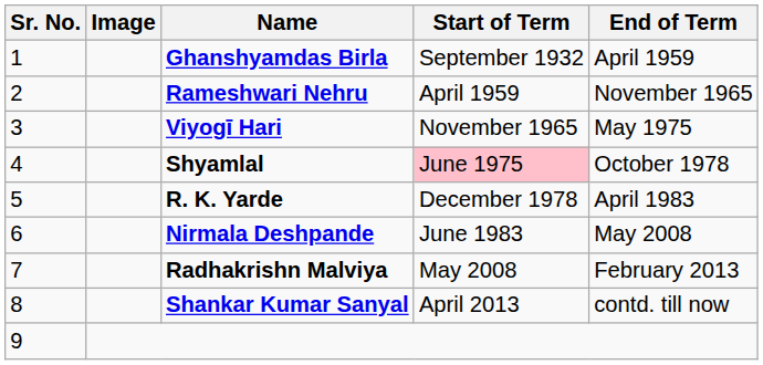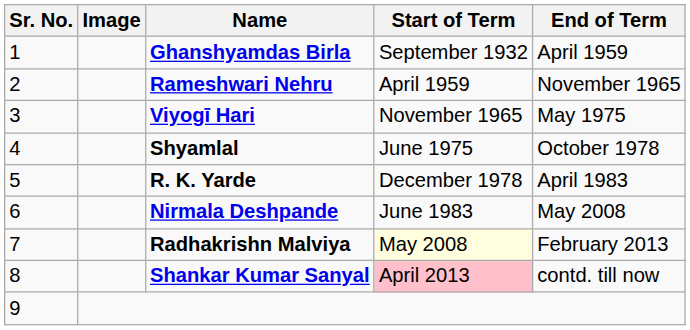 <table class="wikitable sortable">
 <tr>
 <th>Sr. No.</th>
 <th>Image</th>
 <th>Name</th>
 <th>Start of Term</th>
 <th>End of Term</th>
 </tr>
 <tr>
 <td>1</td>
 <td></td>
 <td><strong> <a href='#'>Ghanshyamdas Birla</a> </strong></td>
 <td>September 1932</td>
 <td>April 1959</td>
 </tr>
 <tr>
 <td>2</td>
 <td></td>
 <td><strong> <a href='#'>Rameshwari Nehru</a> </strong></td>
 <td>April 1959</td>
 <td>November 1965</td>
 </tr>
 <tr>
 <td>3</td>
 <td></td>
 <td><strong> <a href='#'>Viyogī Hari</a> </strong></td>
 <td>November 1965</td>
 <td>May 1975</td>
 </tr>
 <tr>
 <td>4</td>
 <td></td>
 <td><strong> Shyamlal </strong></td>
-<td style="background: pink;">June 1975</td>
+<td>June 1975</td>
 <td>October 1978</td>
 </tr>
 <tr>
 <td>5</td>
 <td></td>
 <td><strong> R. K. Yarde </strong></td>
 <td>December 1978</td>
 <td>April 1983</td>
 </tr>
 <tr>
 <td>6</td>
 <td></td>
 <td><strong> <a href='#'>Nirmala Deshpande</a> </strong></td>
 <td>June 1983</td>
 <td>May 2008</td>
 </tr>
 <tr>
 <td>7</td>
 <td></td>
 <td><strong> Radhakrishn Malviya </strong></td>
-<td>May 2008</td>
+<td style="background: lightyellow;">May 2008</td>
 <td>February 2013</td>
 </tr>
 <tr>
 <td>8</td>
 <td></td>
 <td><strong> <a href='#'>Shankar Kumar Sanyal</a> </strong></td>
-<td>April 2013</td>
+<td style="background: pink;">April 2013</td>
 <td>contd. till now</td>
 </tr>
 <tr>
 <td>9</td>
 </tr>
 </table>
